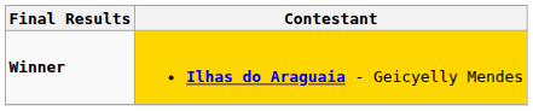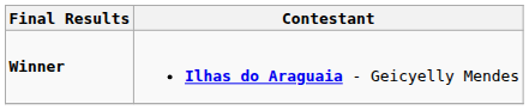 <table class="wikitable">
 <tr>
 <th>Final Results</th>
 <th>Contestant</th>
 </tr>
 <tr>
 <td><strong>Winner</strong></td>
-<td style="background: gold;"><br><ul><li><strong> <a href='#'>Ilhas do Araguaia</a></strong> - Geicyelly Mendes</li></ul></td>
+<td><br><ul><li><strong> <a href='#'>Ilhas do Araguaia</a></strong> - Geicyelly Mendes</li></ul></td>
 </tr>
 <tr>
 </tr>
 </table>
